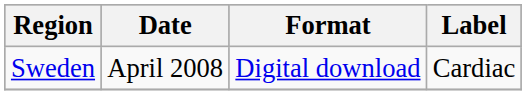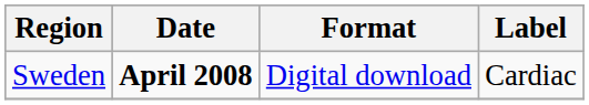 <table class=wikitable>
 <tr>
 <th>Region</th>
 <th>Date</th>
 <th>Format</th>
 <th>Label</th>
 </tr>
 <tr>
 <td><a href='#'>Sweden</a></td>
-<td>April 2008</td>
+<td><strong>April 2008</strong></td>
 <td><a href='#'>Digital download</a></td>
 <td>Cardiac</td>
 </tr>
 <tr>
 </tr>
 </table>
